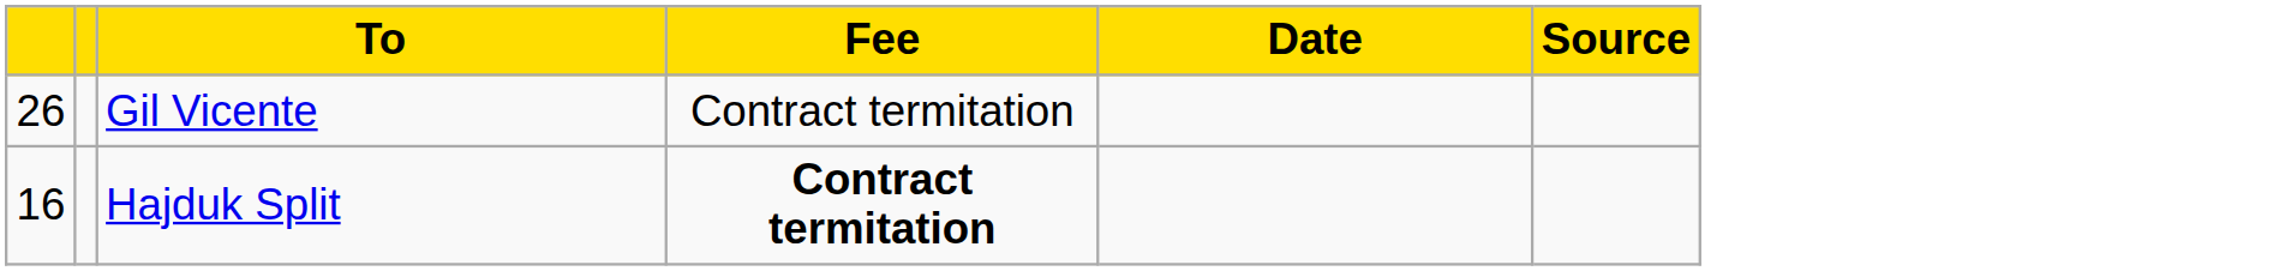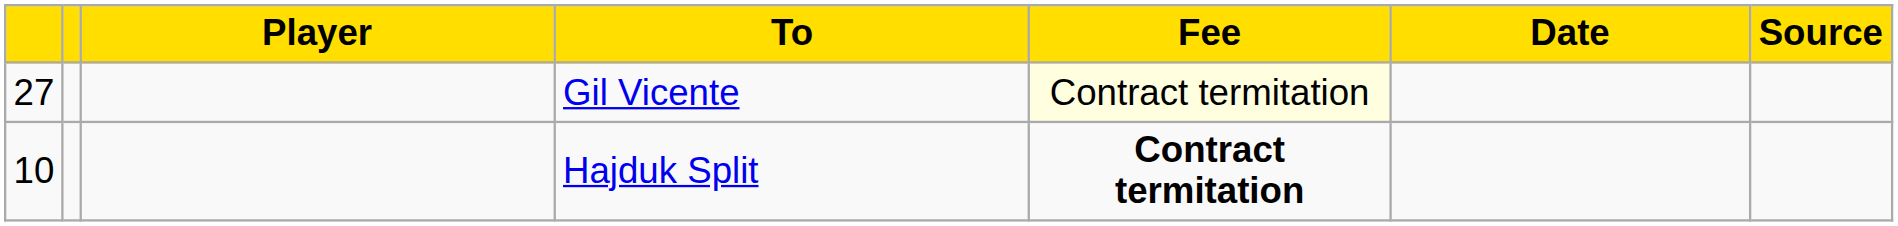 <table class="wikitable sortable">
 <tr>
 <th style="background:#FFDE00"></th>
 <th style="background:#FFDE00"></th>
+<th width=200 style="background:#FFDE00">Player</th>
 <th width=200 style="background:#FFDE00">To</th>
 <th width=150 style="background:#FFDE00">Fee</th>
 <th width=150 style="background:#FFDE00">Date</th>
 <th style="background:#FFDE00">Source</th>
 </tr>
 <tr>
-<td align=center>26</td>
+<td align=center>27</td>
 <td align=center></td>
+<td></td>
 <td> <a href='#'>Gil Vicente</a></td>
-<td align=center>Contract termitation</td>
+<td align=center style="background: lightyellow;">Contract termitation</td>
 <td align=center></td>
 <td align=center></td>
 </tr>
 <tr>
-<td align=center>16</td>
+<td align=center>10</td>
 <td align=center></td>
+<td></td>
 <td> <a href='#'>Hajduk Split</a></td>
 <td align=center><strong>Contract termitation</strong></td>
 <td align=center></td>
 <td align=center></td>
 </tr>
 </table>
